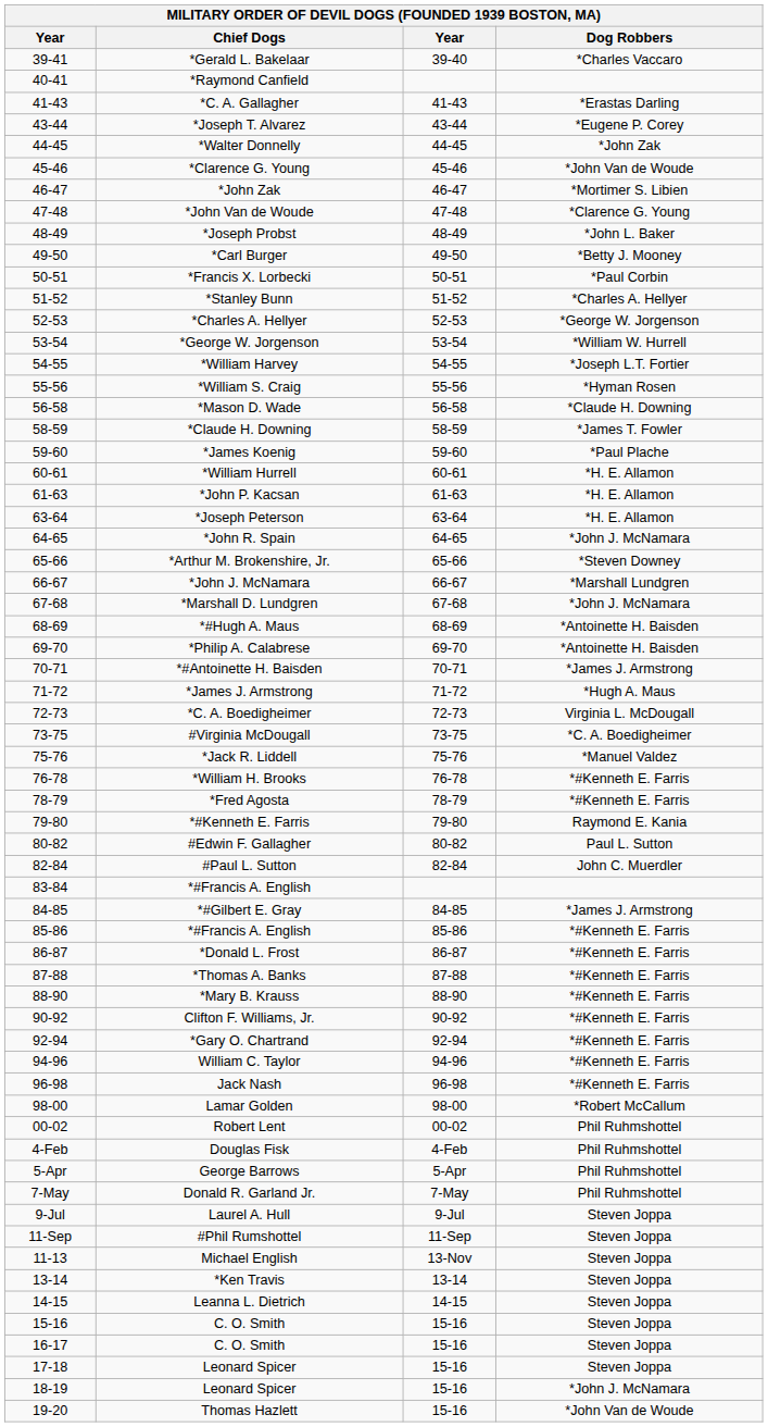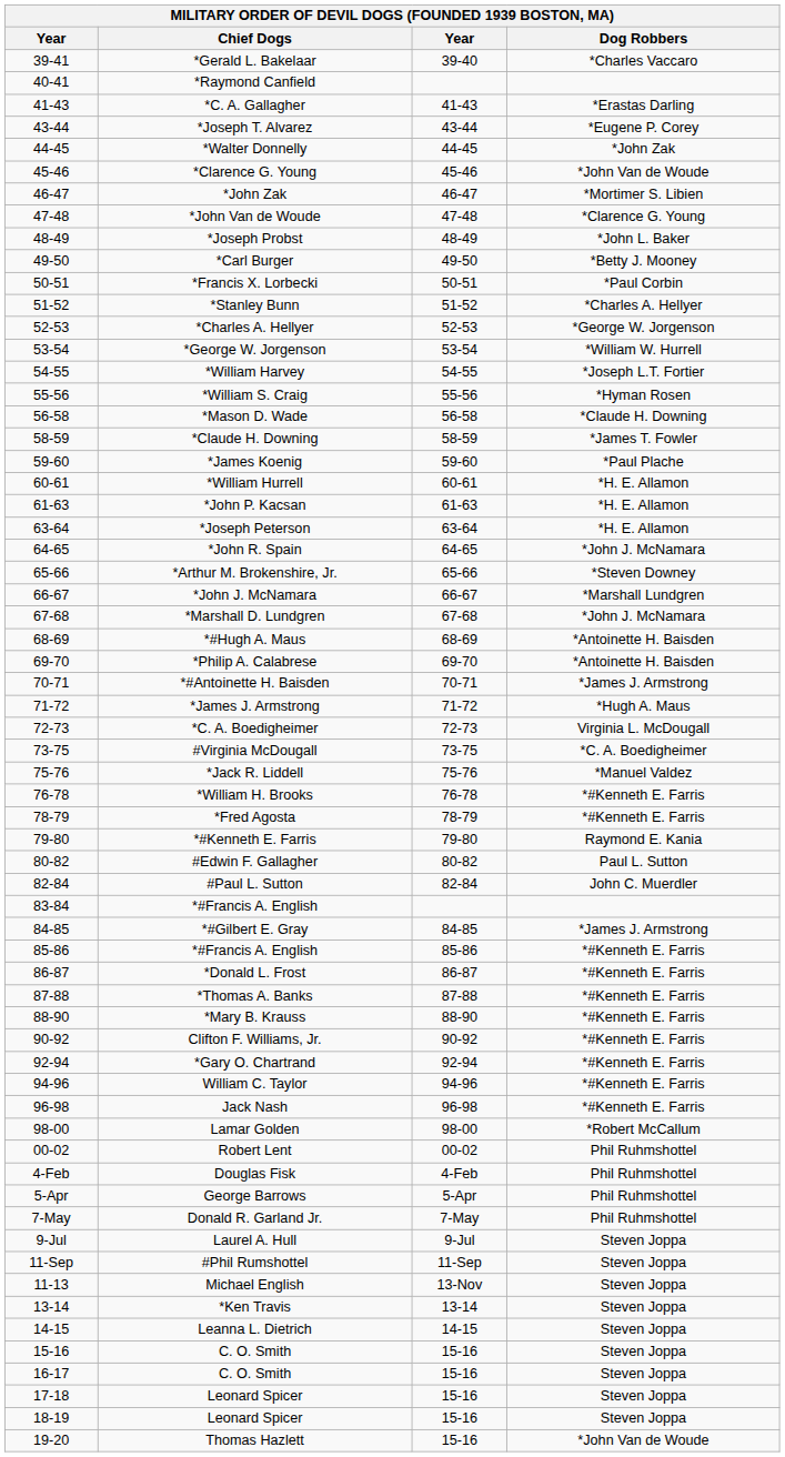 <table class="wikitable" style="margin-left: auto; margin-right: auto; border: none; width:70%; text-align:center; cellpadding: 2; cellspacing: 0;">
 <tr>
 <th colspan="5">MILITARY ORDER OF DEVIL DOGS (FOUNDED 1939 BOSTON, MA)</th>
 </tr>
 <tr>
 <th>Year</th>
 <th>Chief Dogs</th>
 <th>Year</th>
 <th>Dog Robbers</th>
 </tr>
 <tr>
 <td style="text-align:center;">39-41</td>
 <td style="text-align:center;">*Gerald L. Bakelaar</td>
 <td style="text-align:center;">39-40</td>
 <td style="text-align:center;">*Charles Vaccaro</td>
 </tr>
 <tr>
 <td style="text-align:center;">40-41</td>
 <td style="text-align:center;">*Raymond Canfield</td>
 <td style="text-align:center;"></td>
 <td style="text-align:center;"></td>
 </tr>
 <tr>
 <td style="text-align:center;">41-43</td>
 <td style="text-align:center;">*C. A. Gallagher</td>
 <td style="text-align:center;">41-43</td>
 <td style="text-align:center;">*Erastas Darling</td>
 </tr>
 <tr>
 <td style="text-align:center;">43-44</td>
 <td style="text-align:center;">*Joseph T. Alvarez</td>
 <td style="text-align:center;">43-44</td>
 <td style="text-align:center;">*Eugene P. Corey</td>
 </tr>
 <tr>
 <td style="text-align:center;">44-45</td>
 <td style="text-align:center;">*Walter Donnelly</td>
 <td style="text-align:center;">44-45</td>
 <td style="text-align:center;">*John Zak</td>
 </tr>
 <tr>
 <td style="text-align:center;">45-46</td>
 <td style="text-align:center;">*Clarence G. Young</td>
 <td style="text-align:center;">45-46</td>
 <td style="text-align:center;">*John Van de Woude</td>
 </tr>
 <tr>
 <td style="text-align:center;">46-47</td>
 <td style="text-align:center;">*John Zak</td>
 <td style="text-align:center;">46-47</td>
 <td style="text-align:center;">*Mortimer S. Libien</td>
 </tr>
 <tr>
 <td style="text-align:center;">47-48</td>
 <td style="text-align:center;">*John Van de Woude</td>
 <td style="text-align:center;">47-48</td>
 <td style="text-align:center;">*Clarence G. Young</td>
 </tr>
 <tr>
 <td style="text-align:center;">48-49</td>
 <td style="text-align:center;">*Joseph Probst</td>
 <td style="text-align:center;">48-49</td>
 <td style="text-align:center;">*John L. Baker</td>
 </tr>
 <tr>
 <td style="text-align:center;">49-50</td>
 <td style="text-align:center;">*Carl Burger</td>
 <td style="text-align:center;">49-50</td>
 <td style="text-align:center;">*Betty J. Mooney</td>
 </tr>
 <tr>
 <td style="text-align:center;">50-51</td>
 <td style="text-align:center;">*Francis X. Lorbecki</td>
 <td style="text-align:center;">50-51</td>
 <td style="text-align:center;">*Paul Corbin</td>
 </tr>
 <tr>
 <td style="text-align:center;">51-52</td>
 <td style="text-align:center;">*Stanley Bunn</td>
 <td style="text-align:center;">51-52</td>
 <td style="text-align:center;">*Charles A. Hellyer</td>
 </tr>
 <tr>
 <td style="text-align:center;">52-53</td>
 <td style="text-align:center;">*Charles A. Hellyer</td>
 <td style="text-align:center;">52-53</td>
 <td style="text-align:center;">*George W. Jorgenson</td>
 </tr>
 <tr>
 <td style="text-align:center;">53-54</td>
 <td style="text-align:center;">*George W. Jorgenson</td>
 <td style="text-align:center;">53-54</td>
 <td style="text-align:center;">*William W. Hurrell</td>
 </tr>
 <tr>
 <td style="text-align:center;">54-55</td>
 <td style="text-align:center;">*William Harvey</td>
 <td style="text-align:center;">54-55</td>
 <td style="text-align:center;">*Joseph L.T. Fortier</td>
 </tr>
 <tr>
 <td style="text-align:center;">55-56</td>
 <td style="text-align:center;">*William S. Craig</td>
 <td style="text-align:center;">55-56</td>
 <td style="text-align:center;">*Hyman Rosen</td>
 </tr>
 <tr>
 <td style="text-align:center;">56-58</td>
 <td style="text-align:center;">*Mason D. Wade</td>
 <td style="text-align:center;">56-58</td>
 <td style="text-align:center;">*Claude H. Downing</td>
 </tr>
 <tr>
 <td style="text-align:center;">58-59</td>
 <td style="text-align:center;">*Claude H. Downing</td>
 <td style="text-align:center;">58-59</td>
 <td style="text-align:center;">*James T. Fowler</td>
 </tr>
 <tr>
 <td style="text-align:center;">59-60</td>
 <td style="text-align:center;">*James Koenig</td>
 <td style="text-align:center;">59-60</td>
 <td style="text-align:center;">*Paul Plache</td>
 </tr>
 <tr>
 <td style="text-align:center;">60-61</td>
 <td style="text-align:center;">*William Hurrell</td>
 <td style="text-align:center;">60-61</td>
 <td style="text-align:center;">*H. E. Allamon</td>
 </tr>
 <tr>
 <td style="text-align:center;">61-63</td>
 <td style="text-align:center;">*John P. Kacsan</td>
 <td style="text-align:center;">61-63</td>
 <td style="text-align:center;">*H. E. Allamon</td>
 </tr>
 <tr>
 <td style="text-align:center;">63-64</td>
 <td style="text-align:center;">*Joseph Peterson</td>
 <td style="text-align:center;">63-64</td>
 <td style="text-align:center;">*H. E. Allamon</td>
 </tr>
 <tr>
 <td style="text-align:center;">64-65</td>
 <td style="text-align:center;">*John R. Spain</td>
 <td style="text-align:center;">64-65</td>
 <td style="text-align:center;">*John J. McNamara</td>
 </tr>
 <tr>
 <td style="text-align:center;">65-66</td>
 <td style="text-align:center;">*Arthur M. Brokenshire, Jr.</td>
 <td style="text-align:center;">65-66</td>
 <td style="text-align:center;">*Steven Downey</td>
 </tr>
 <tr>
 <td style="text-align:center;">66-67</td>
 <td style="text-align:center;">*John J. McNamara</td>
 <td style="text-align:center;">66-67</td>
 <td style="text-align:center;">*Marshall Lundgren</td>
 </tr>
 <tr>
 <td style="text-align:center;">67-68</td>
 <td style="text-align:center;">*Marshall D. Lundgren</td>
 <td style="text-align:center;">67-68</td>
 <td style="text-align:center;">*John J. McNamara</td>
 </tr>
 <tr>
 <td style="text-align:center;">68-69</td>
 <td style="text-align:center;">*#Hugh A. Maus</td>
 <td style="text-align:center;">68-69</td>
 <td style="text-align:center;">*Antoinette H. Baisden</td>
 </tr>
 <tr>
 <td style="text-align:center;">69-70</td>
 <td style="text-align:center;">*Philip A. Calabrese</td>
 <td style="text-align:center;">69-70</td>
 <td style="text-align:center;">*Antoinette H. Baisden</td>
 </tr>
 <tr>
 <td style="text-align:center;">70-71</td>
 <td style="text-align:center;">*#Antoinette H. Baisden</td>
 <td style="text-align:center;">70-71</td>
 <td style="text-align:center;">*James J. Armstrong</td>
 </tr>
 <tr>
 <td style="text-align:center;">71-72</td>
 <td style="text-align:center;">*James J. Armstrong</td>
 <td style="text-align:center;">71-72</td>
 <td style="text-align:center;">*Hugh A. Maus</td>
 </tr>
 <tr>
 <td style="text-align:center;">72-73</td>
 <td style="text-align:center;">*C. A. Boedigheimer</td>
 <td style="text-align:center;">72-73</td>
 <td style="text-align:center;">Virginia L. McDougall</td>
 </tr>
 <tr>
 <td style="text-align:center;">73-75</td>
 <td style="text-align:center;">#Virginia McDougall</td>
 <td style="text-align:center;">73-75</td>
 <td style="text-align:center;">*C. A. Boedigheimer</td>
 </tr>
 <tr>
 <td style="text-align:center;">75-76</td>
 <td style="text-align:center;">*Jack R. Liddell</td>
 <td style="text-align:center;">75-76</td>
 <td style="text-align:center;">*Manuel Valdez</td>
 </tr>
 <tr>
 <td style="text-align:center;">76-78</td>
 <td style="text-align:center;">*William H. Brooks</td>
 <td style="text-align:center;">76-78</td>
 <td style="text-align:center;">*#Kenneth E. Farris</td>
 </tr>
 <tr>
 <td style="text-align:center;">78-79</td>
 <td style="text-align:center;">*Fred Agosta</td>
 <td style="text-align:center;">78-79</td>
 <td style="text-align:center;">*#Kenneth E. Farris</td>
 </tr>
 <tr>
 <td style="text-align:center;">79-80</td>
 <td style="text-align:center;">*#Kenneth E. Farris</td>
 <td style="text-align:center;">79-80</td>
 <td style="text-align:center;">Raymond E. Kania</td>
 </tr>
 <tr>
 <td style="text-align:center;">80-82</td>
 <td style="text-align:center;">#Edwin F. Gallagher</td>
 <td style="text-align:center;">80-82</td>
 <td style="text-align:center;">Paul L. Sutton</td>
 </tr>
 <tr>
 <td style="text-align:center;">82-84</td>
 <td style="text-align:center;">#Paul L. Sutton</td>
 <td style="text-align:center;">82-84</td>
 <td style="text-align:center;">John C. Muerdler</td>
 </tr>
 <tr>
 <td style="text-align:center;">83-84</td>
 <td style="text-align:center;">*#Francis A. English</td>
 <td style="text-align:center;"></td>
 <td style="text-align:center;"></td>
 </tr>
 <tr>
 <td style="text-align:center;">84-85</td>
 <td style="text-align:center;">*#Gilbert E. Gray</td>
 <td style="text-align:center;">84-85</td>
 <td style="text-align:center;">*James J. Armstrong</td>
 </tr>
 <tr>
 <td style="text-align:center;">85-86</td>
 <td style="text-align:center;">*#Francis A. English</td>
 <td style="text-align:center;">85-86</td>
 <td style="text-align:center;">*#Kenneth E. Farris</td>
 </tr>
 <tr>
 <td style="text-align:center;">86-87</td>
 <td style="text-align:center;">*Donald L. Frost</td>
 <td style="text-align:center;">86-87</td>
 <td style="text-align:center;">*#Kenneth E. Farris</td>
 </tr>
 <tr>
 <td style="text-align:center;">87-88</td>
 <td style="text-align:center;">*Thomas A. Banks</td>
 <td style="text-align:center;">87-88</td>
 <td style="text-align:center;">*#Kenneth E. Farris</td>
 </tr>
 <tr>
 <td style="text-align:center;">88-90</td>
 <td style="text-align:center;">*Mary B. Krauss</td>
 <td style="text-align:center;">88-90</td>
 <td style="text-align:center;">*#Kenneth E. Farris</td>
 </tr>
 <tr>
 <td style="text-align:center;">90-92</td>
 <td style="text-align:center;">Clifton F. Williams, Jr.</td>
 <td style="text-align:center;">90-92</td>
 <td style="text-align:center;">*#Kenneth E. Farris</td>
 </tr>
 <tr>
 <td style="text-align:center;">92-94</td>
 <td style="text-align:center;">*Gary O. Chartrand</td>
 <td style="text-align:center;">92-94</td>
 <td style="text-align:center;">*#Kenneth E. Farris</td>
 </tr>
 <tr>
 <td style="text-align:center;">94-96</td>
 <td style="text-align:center;">William C. Taylor</td>
 <td style="text-align:center;">94-96</td>
 <td style="text-align:center;">*#Kenneth E. Farris</td>
 </tr>
 <tr>
 <td style="text-align:center;">96-98</td>
 <td style="text-align:center;">Jack Nash</td>
 <td style="text-align:center;">96-98</td>
 <td style="text-align:center;">*#Kenneth E. Farris</td>
 </tr>
 <tr>
 <td style="text-align:center;">98-00</td>
 <td style="text-align:center;">Lamar Golden</td>
 <td style="text-align:center;">98-00</td>
 <td style="text-align:center;">*Robert McCallum</td>
 </tr>
 <tr>
 <td style="text-align:center;">00-02</td>
 <td style="text-align:center;">Robert Lent</td>
 <td style="text-align:center;">00-02</td>
 <td style="text-align:center;">Phil Ruhmshottel</td>
 </tr>
 <tr>
 <td style="text-align:center;">4-Feb</td>
 <td style="text-align:center;">Douglas Fisk</td>
 <td style="text-align:center;">4-Feb</td>
 <td style="text-align:center;">Phil Ruhmshottel</td>
 </tr>
 <tr>
 <td style="text-align:center;">5-Apr</td>
 <td style="text-align:center;">George Barrows</td>
 <td style="text-align:center;">5-Apr</td>
 <td style="text-align:center;">Phil Ruhmshottel</td>
 </tr>
 <tr>
 <td style="text-align:center;">7-May</td>
 <td style="text-align:center;">Donald R. Garland Jr.</td>
 <td style="text-align:center;">7-May</td>
 <td style="text-align:center;">Phil Ruhmshottel</td>
 </tr>
 <tr>
 <td style="text-align:center;">9-Jul</td>
 <td style="text-align:center;">Laurel A. Hull</td>
 <td style="text-align:center;">9-Jul</td>
 <td style="text-align:center;">Steven Joppa</td>
 </tr>
 <tr>
 <td style="text-align:center;">11-Sep</td>
 <td style="text-align:center;">#Phil Rumshottel</td>
 <td style="text-align:center;">11-Sep</td>
 <td style="text-align:center;">Steven Joppa</td>
 </tr>
 <tr>
 <td style="text-align:center;">11-13</td>
 <td style="text-align:center;">Michael English</td>
 <td style="text-align:center;">13-Nov</td>
 <td style="text-align:center;">Steven Joppa</td>
 </tr>
 <tr>
 <td style="text-align:center;">13-14</td>
 <td style="text-align:center;">*Ken Travis</td>
 <td style="text-align:center;">13-14</td>
 <td style="text-align:center;">Steven Joppa</td>
 </tr>
 <tr>
 <td style="text-align:center;">14-15</td>
 <td style="text-align:center;">Leanna L. Dietrich</td>
 <td style="text-align:center;">14-15</td>
 <td style="text-align:center;">Steven Joppa</td>
 </tr>
 <tr>
 <td style="text-align:center;">15-16</td>
 <td style="text-align:center;">C. O. Smith</td>
 <td style="text-align:center;">15-16</td>
 <td style="text-align:center;">Steven Joppa</td>
 </tr>
 <tr>
 <td style="text-align:center;">16-17</td>
 <td style="text-align:center;">C. O. Smith</td>
 <td style="text-align:center;">15-16</td>
 <td style="text-align:center;">Steven Joppa</td>
 </tr>
 <tr>
 <td style="text-align:center;">17-18</td>
 <td style="text-align:center;">Leonard Spicer</td>
 <td style="text-align:center;">15-16</td>
 <td style="text-align:center;">Steven Joppa</td>
 </tr>
 <tr>
 <td style="text-align:center;">18-19</td>
 <td style="text-align:center;">Leonard Spicer</td>
 <td style="text-align:center;">15-16</td>
-<td style="text-align:center;">*John J. McNamara</td>
+<td style="text-align:center;">Steven Joppa</td>
 </tr>
 <tr>
 <td style="text-align:center;">19-20</td>
 <td style="text-align:center;">Thomas Hazlett</td>
 <td style="text-align:center;">15-16</td>
 <td style="text-align:center;">*John Van de Woude</td>
 </tr>
 <tr>
 </tr>
 </table>
